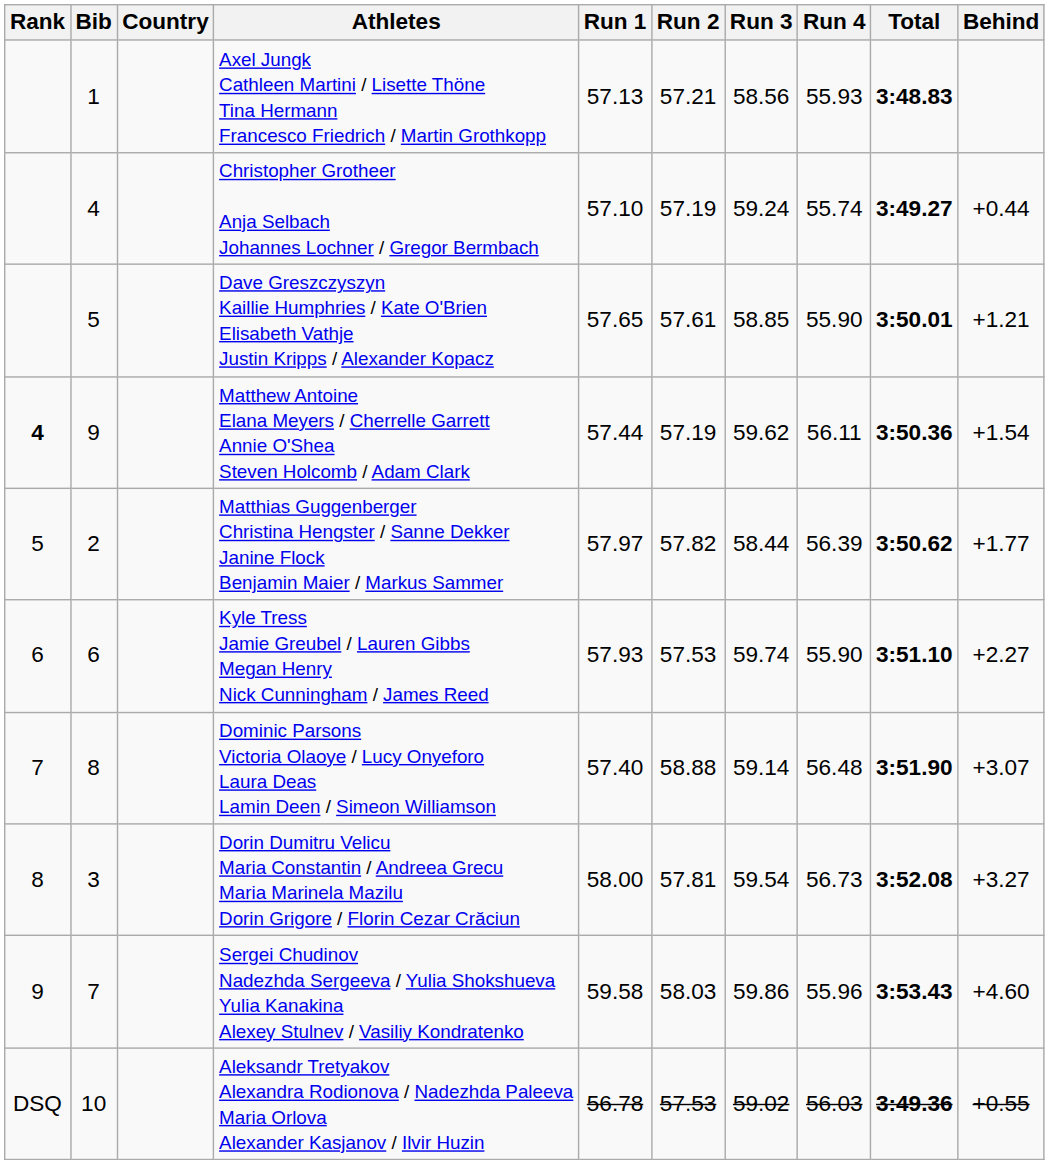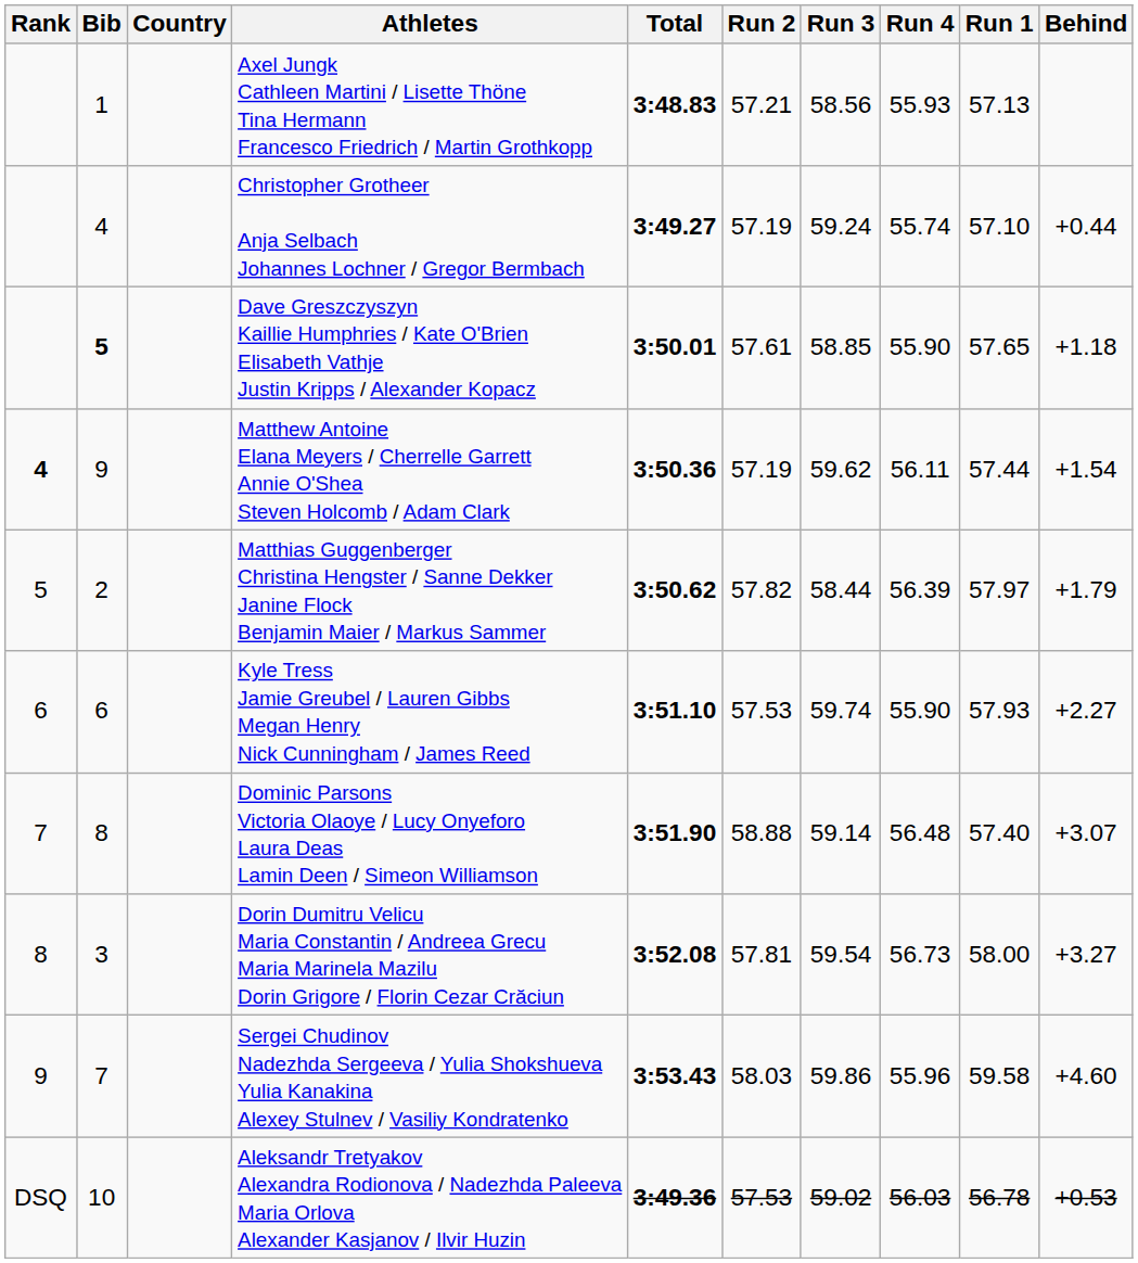 <table class="wikitable sortable" style="text-align:center">
 <tr>
 <th>Rank</th>
 <th>Bib</th>
 <th>Country</th>
 <th>Athletes</th>
-<th>Run 1</th>
+<th>Total</th>
 <th>Run 2</th>
 <th>Run 3</th>
 <th>Run 4</th>
-<th>Total</th>
+<th>Run 1</th>
 <th>Behind</th>
 </tr>
 <tr>
 <td></td>
 <td>1</td>
 <td align=left></td>
 <td align=left><small><a href='#'>Axel Jungk</a><br><a href='#'>Cathleen Martini</a> / <a href='#'>Lisette Thöne</a><br><a href='#'>Tina Hermann</a><br><a href='#'>Francesco Friedrich</a> / <a href='#'>Martin Grothkopp</a></small></td>
-<td>57.13</td>
+<td><strong>3:48.83</strong></td>
 <td>57.21</td>
 <td>58.56</td>
 <td>55.93</td>
-<td><strong>3:48.83</strong></td>
+<td>57.13</td>
 <td></td>
 </tr>
 <tr>
 <td></td>
 <td>4</td>
 <td align=left></td>
 <td align=left><small><a href='#'>Christopher Grotheer</a><br><br><a href='#'>Anja Selbach</a><br><a href='#'>Johannes Lochner</a> / <a href='#'>Gregor Bermbach</a></small></td>
-<td>57.10</td>
+<td><strong>3:49.27</strong></td>
 <td>57.19</td>
 <td>59.24</td>
 <td>55.74</td>
-<td><strong>3:49.27</strong></td>
+<td>57.10</td>
 <td>+0.44</td>
 </tr>
 <tr>
 <td></td>
-<td>5</td>
+<td><strong>5</strong></td>
 <td align=left></td>
 <td align=left><small><a href='#'>Dave Greszczyszyn</a><br><a href='#'>Kaillie Humphries</a> / <a href='#'>Kate O'Brien</a><br><a href='#'>Elisabeth Vathje</a><br><a href='#'>Justin Kripps</a> / <a href='#'>Alexander Kopacz</a></small></td>
-<td>57.65</td>
+<td><strong>3:50.01</strong></td>
 <td>57.61</td>
 <td>58.85</td>
 <td>55.90</td>
-<td><strong>3:50.01</strong></td>
-<td>+1.21</td>
+<td>57.65</td>
+<td>+1.18</td>
 </tr>
 <tr>
 <td><strong>4</strong></td>
 <td>9</td>
 <td align=left></td>
 <td align=left><small><a href='#'>Matthew Antoine</a><br><a href='#'>Elana Meyers</a> / <a href='#'>Cherrelle Garrett</a><br><a href='#'>Annie O'Shea</a><br><a href='#'>Steven Holcomb</a> / <a href='#'>Adam Clark</a></small></td>
-<td>57.44</td>
+<td><strong>3:50.36</strong></td>
 <td>57.19</td>
 <td>59.62</td>
 <td>56.11</td>
-<td><strong>3:50.36</strong></td>
+<td>57.44</td>
 <td>+1.54</td>
 </tr>
 <tr>
 <td>5</td>
 <td>2</td>
 <td align=left></td>
 <td align=left><small><a href='#'>Matthias Guggenberger</a><br><a href='#'>Christina Hengster</a> / <a href='#'>Sanne Dekker</a><br><a href='#'>Janine Flock</a><br><a href='#'>Benjamin Maier</a> / <a href='#'>Markus Sammer</a></small></td>
-<td>57.97</td>
+<td><strong>3:50.62</strong></td>
 <td>57.82</td>
 <td>58.44</td>
 <td>56.39</td>
-<td><strong>3:50.62</strong></td>
-<td>+1.77</td>
+<td>57.97</td>
+<td>+1.79</td>
 </tr>
 <tr>
 <td>6</td>
 <td>6</td>
 <td align=left></td>
 <td align=left><small><a href='#'>Kyle Tress</a><br><a href='#'>Jamie Greubel</a> / <a href='#'>Lauren Gibbs</a><br><a href='#'>Megan Henry</a><br><a href='#'>Nick Cunningham</a> / <a href='#'>James Reed</a></small></td>
-<td>57.93</td>
+<td><strong>3:51.10</strong></td>
 <td>57.53</td>
 <td>59.74</td>
 <td>55.90</td>
-<td><strong>3:51.10</strong></td>
+<td>57.93</td>
 <td>+2.27</td>
 </tr>
 <tr>
 <td>7</td>
 <td>8</td>
 <td align=left></td>
 <td align=left><small><a href='#'>Dominic Parsons</a><br><a href='#'>Victoria Olaoye</a> / <a href='#'>Lucy Onyeforo</a><br><a href='#'>Laura Deas</a><br><a href='#'>Lamin Deen</a> / <a href='#'>Simeon Williamson</a></small></td>
-<td>57.40</td>
+<td><strong>3:51.90</strong></td>
 <td>58.88</td>
 <td>59.14</td>
 <td>56.48</td>
-<td><strong>3:51.90</strong></td>
+<td>57.40</td>
 <td>+3.07</td>
 </tr>
 <tr>
 <td>8</td>
 <td>3</td>
 <td align=left></td>
 <td align=left><small><a href='#'>Dorin Dumitru Velicu</a><br><a href='#'>Maria Constantin</a> / <a href='#'>Andreea Grecu</a><br><a href='#'>Maria Marinela Mazilu</a><br><a href='#'>Dorin Grigore</a> / <a href='#'>Florin Cezar Crăciun</a></small></td>
-<td>58.00</td>
+<td><strong>3:52.08</strong></td>
 <td>57.81</td>
 <td>59.54</td>
 <td>56.73</td>
-<td><strong>3:52.08</strong></td>
+<td>58.00</td>
 <td>+3.27</td>
 </tr>
 <tr>
 <td>9</td>
 <td>7</td>
 <td align=left></td>
 <td align=left><small><a href='#'>Sergei Chudinov</a><br><a href='#'>Nadezhda Sergeeva</a> / <a href='#'>Yulia Shokshueva</a><br><a href='#'>Yulia Kanakina</a><br><a href='#'>Alexey Stulnev</a> / <a href='#'>Vasiliy Kondratenko</a></small></td>
-<td>59.58</td>
+<td><strong>3:53.43</strong></td>
 <td>58.03</td>
 <td>59.86</td>
 <td>55.96</td>
-<td><strong>3:53.43</strong></td>
+<td>59.58</td>
 <td>+4.60</td>
 </tr>
 <tr>
 <td>DSQ</td>
 <td>10</td>
 <td align=left></td>
 <td align=left><small><a href='#'>Aleksandr Tretyakov</a><br><a href='#'>Alexandra Rodionova</a> / <a href='#'>Nadezhda Paleeva</a><br><a href='#'>Maria Orlova</a><br><a href='#'>Alexander Kasjanov</a> / <a href='#'>Ilvir Huzin</a></small></td>
-<td><s>56.78</s></td>
+<td><s><strong>3:49.36</strong></s></td>
 <td><s>57.53</s></td>
 <td><s>59.02</s></td>
 <td><s>56.03</s></td>
-<td><s><strong>3:49.36</strong></s></td>
-<td><s>+0.55</s></td>
+<td><s>56.78</s></td>
+<td><s>+0.53</s></td>
 </tr>
 </table>
